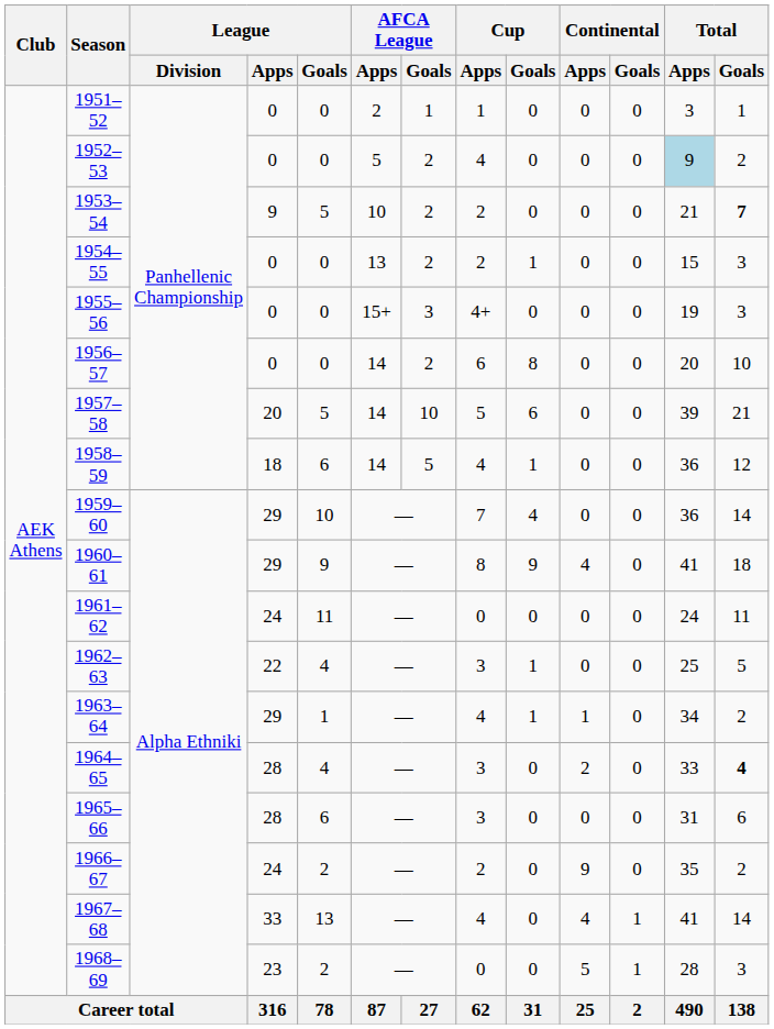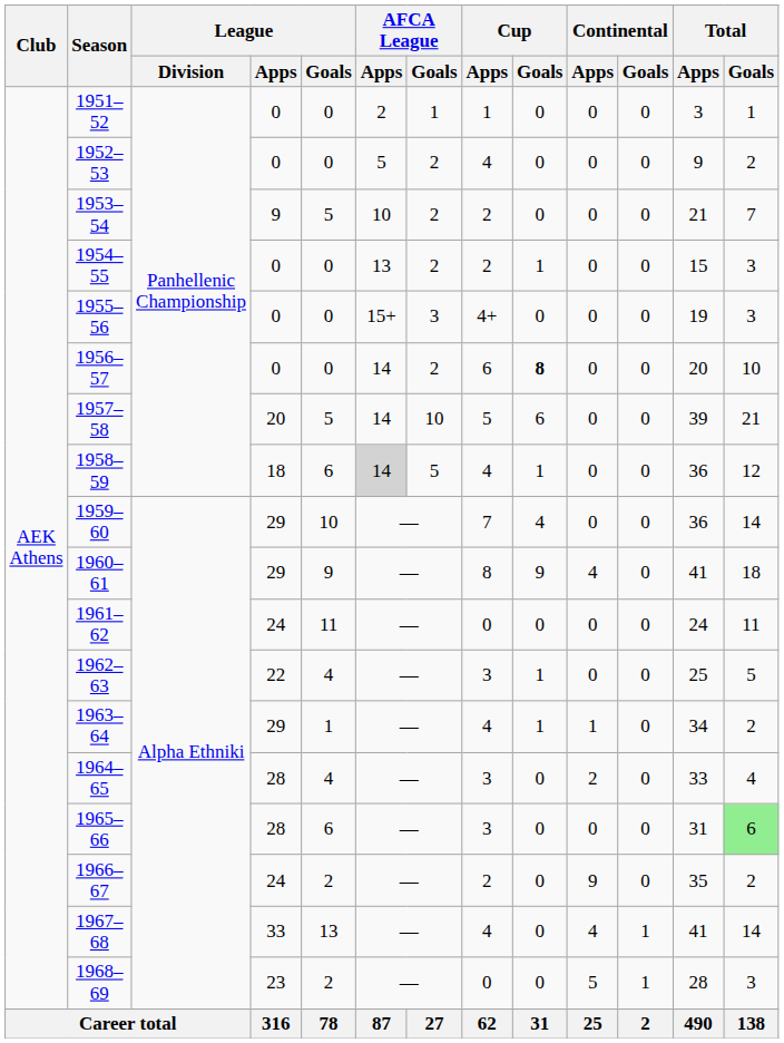 <table class="wikitable" style="text-align:center">
 <tr>
 <th rowspan="2">Club</th>
 <th rowspan="2">Season</th>
 <th colspan="3">League</th>
 <th colspan="2"><a href='#'>AFCA League</a></th>
 <th colspan="2">Cup</th>
 <th colspan="2">Continental</th>
 <th colspan="2">Total</th>
 </tr>
 <tr>
 <th>Division</th>
 <th>Apps</th>
 <th>Goals</th>
 <th>Apps</th>
 <th>Goals</th>
 <th>Apps</th>
 <th>Goals</th>
 <th>Apps</th>
 <th>Goals</th>
 <th>Apps</th>
 <th>Goals</th>
 </tr>
 <tr>
 <td rowspan="18"><a href='#'>AEK Athens</a></td>
 <td><a href='#'>1951–52</a></td>
 <td rowspan="8"><a href='#'>Panhellenic Championship</a></td>
 <td>0</td>
 <td>0</td>
 <td>2</td>
 <td>1</td>
 <td>1</td>
 <td>0</td>
 <td>0</td>
 <td>0</td>
 <td>3</td>
 <td>1</td>
 </tr>
 <tr>
 <td><a href='#'>1952–53</a></td>
 <td>0</td>
 <td>0</td>
 <td>5</td>
 <td>2</td>
 <td>4</td>
 <td>0</td>
 <td>0</td>
 <td>0</td>
-<td style="background: lightblue;">9</td>
+<td>9</td>
 <td>2</td>
 </tr>
 <tr>
 <td><a href='#'>1953–54</a></td>
 <td>9</td>
 <td>5</td>
 <td>10</td>
 <td>2</td>
 <td>2</td>
 <td>0</td>
 <td>0</td>
 <td>0</td>
 <td>21</td>
-<td><strong>7</strong></td>
+<td>7</td>
 </tr>
 <tr>
 <td><a href='#'>1954–55</a></td>
 <td>0</td>
 <td>0</td>
 <td>13</td>
 <td>2</td>
 <td>2</td>
 <td>1</td>
 <td>0</td>
 <td>0</td>
 <td>15</td>
 <td>3</td>
 </tr>
 <tr>
 <td><a href='#'>1955–56</a></td>
 <td>0</td>
 <td>0</td>
 <td>15+</td>
 <td>3</td>
 <td>4+</td>
 <td>0</td>
 <td>0</td>
 <td>0</td>
 <td>19</td>
 <td>3</td>
 </tr>
 <tr>
 <td><a href='#'>1956–57</a></td>
 <td>0</td>
 <td>0</td>
 <td>14</td>
 <td>2</td>
 <td>6</td>
-<td>8</td>
+<td><strong>8</strong></td>
 <td>0</td>
 <td>0</td>
 <td>20</td>
 <td>10</td>
 </tr>
 <tr>
 <td><a href='#'>1957–58</a></td>
 <td>20</td>
 <td>5</td>
 <td>14</td>
 <td>10</td>
 <td>5</td>
 <td>6</td>
 <td>0</td>
 <td>0</td>
 <td>39</td>
 <td>21</td>
 </tr>
 <tr>
 <td><a href='#'>1958–59</a></td>
 <td>18</td>
 <td>6</td>
-<td>14</td>
+<td style="background: lightgrey;">14</td>
 <td>5</td>
 <td>4</td>
 <td>1</td>
 <td>0</td>
 <td>0</td>
 <td>36</td>
 <td>12</td>
 </tr>
 <tr>
 <td><a href='#'>1959–60</a></td>
 <td rowspan="10"><a href='#'>Alpha Ethniki</a></td>
 <td>29</td>
 <td>10</td>
 <td colspan="2">—</td>
 <td>7</td>
 <td>4</td>
 <td>0</td>
 <td>0</td>
 <td>36</td>
 <td>14</td>
 </tr>
 <tr>
 <td><a href='#'>1960–61</a></td>
 <td>29</td>
 <td>9</td>
 <td colspan="2">—</td>
 <td>8</td>
 <td>9</td>
 <td>4</td>
 <td>0</td>
 <td>41</td>
 <td>18</td>
 </tr>
 <tr>
 <td><a href='#'>1961–62</a></td>
 <td>24</td>
 <td>11</td>
 <td colspan="2">—</td>
 <td>0</td>
 <td>0</td>
 <td>0</td>
 <td>0</td>
 <td>24</td>
 <td>11</td>
 </tr>
 <tr>
 <td><a href='#'>1962–63</a></td>
 <td>22</td>
 <td>4</td>
 <td colspan="2">—</td>
 <td>3</td>
 <td>1</td>
 <td>0</td>
 <td>0</td>
 <td>25</td>
 <td>5</td>
 </tr>
 <tr>
 <td><a href='#'>1963–64</a></td>
 <td>29</td>
 <td>1</td>
 <td colspan="2">—</td>
 <td>4</td>
 <td>1</td>
 <td>1</td>
 <td>0</td>
 <td>34</td>
 <td>2</td>
 </tr>
 <tr>
 <td><a href='#'>1964–65</a></td>
 <td>28</td>
 <td>4</td>
 <td colspan="2">—</td>
 <td>3</td>
 <td>0</td>
 <td>2</td>
 <td>0</td>
 <td>33</td>
-<td><strong>4</strong></td>
+<td>4</td>
 </tr>
 <tr>
 <td><a href='#'>1965–66</a></td>
 <td>28</td>
 <td>6</td>
 <td colspan="2">—</td>
 <td>3</td>
 <td>0</td>
 <td>0</td>
 <td>0</td>
 <td>31</td>
-<td>6</td>
+<td style="background: lightgreen;">6</td>
 </tr>
 <tr>
 <td><a href='#'>1966–67</a></td>
 <td>24</td>
 <td>2</td>
 <td colspan="2">—</td>
 <td>2</td>
 <td>0</td>
 <td>9</td>
 <td>0</td>
 <td>35</td>
 <td>2</td>
 </tr>
 <tr>
 <td><a href='#'>1967–68</a></td>
 <td>33</td>
 <td>13</td>
 <td colspan="2">—</td>
 <td>4</td>
 <td>0</td>
 <td>4</td>
 <td>1</td>
 <td>41</td>
 <td>14</td>
 </tr>
 <tr>
 <td><a href='#'>1968–69</a></td>
 <td>23</td>
 <td>2</td>
 <td colspan="2">—</td>
 <td>0</td>
 <td>0</td>
 <td>5</td>
 <td>1</td>
 <td>28</td>
 <td>3</td>
 </tr>
 <tr>
 <th colspan="3">Career total</th>
 <th>316</th>
 <th>78</th>
 <th>87</th>
 <th>27</th>
 <th>62</th>
 <th>31</th>
 <th>25</th>
 <th>2</th>
 <th>490</th>
 <th>138</th>
 </tr>
 </table>
